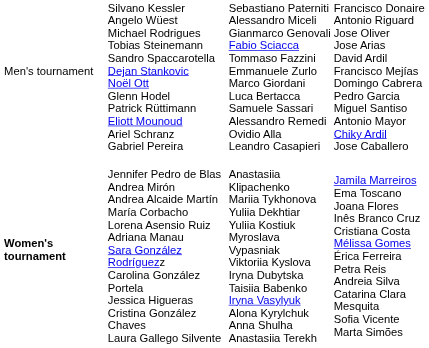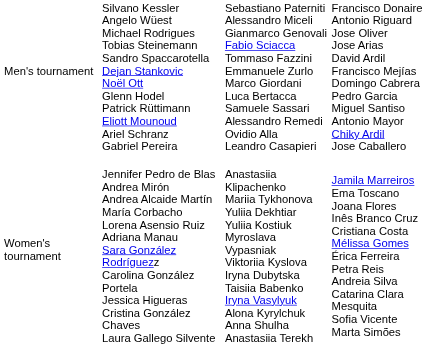 <table>
 <tr>
 <td>Men's tournament<br></td>
 <td><br>Silvano Kessler<br>Angelo Wüest<br>Michael Rodrigues<br>Tobias Steinemann<br>Sandro Spaccarotella<br><a href='#'>Dejan Stankovic</a><br><a href='#'>Noël Ott</a><br>Glenn Hodel<br>Patrick Rüttimann<br><a href='#'>Eliott Mounoud</a><br>Ariel Schranz<br>Gabriel Pereira</td>
 <td><br>Sebastiano Paterniti<br>Alessandro Miceli<br>Gianmarco Genovali<br><a href='#'>Fabio Sciacca</a><br>Tommaso Fazzini<br>Emmanuele Zurlo<br>Marco Giordani<br>Luca Bertacca<br>Samuele Sassari<br>Alessandro Remedi<br>Ovidio Alla<br>Leandro Casapieri</td>
 <td><br>Francisco Donaire<br>Antonio Riguard<br>Jose Oliver<br>Jose Arias<br>David Ardil<br>Francisco Mejías<br>Domingo Cabrera<br>Pedro Garcia<br>Miguel Santiso<br>Antonio Mayor<br><a href='#'>Chiky Ardil</a><br>Jose Caballero</td>
 </tr>
 <tr>
-<td><strong>Women's tournament<br></strong></td>
+<td>Women's tournament<br></td>
 <td valign=top><br>Jennifer Pedro de Blas<br>Andrea Mirón<br>Andrea Alcaide Martín<br>María Corbacho<br>Lorena Asensio Ruiz<br>Adriana Manau<br><a href='#'>Sara González Rodríguez</a>z<br>Carolina González Portela<br>Jessica Higueras<br>Cristina González Chaves<br>Laura Gallego Silvente</td>
 <td><br>Anastasiia Klipachenko<br>Mariia Tykhonova<br>Yuliia Dekhtiar<br>Yuliia Kostiuk<br>Myroslava Vypasniak<br>Viktoriia Kyslova<br>Iryna Dubytska<br>Taisiia Babenko<br><a href='#'>Iryna Vasylyuk</a><br>Alona Kyrylchuk<br>Anna Shulha<br>Anastasiia Terekh</td>
 <td><br><a href='#'>Jamila Marreiros</a><br>Ema Toscano<br>Joana Flores<br>Inês Branco Cruz<br>Cristiana Costa<br><a href='#'>Mélissa Gomes</a><br>Érica Ferreira<br>Petra Reis<br>Andreia Silva<br>Catarina Clara Mesquita<br>Sofia Vicente<br>Marta Simões</td>
 </tr>
 </table>
